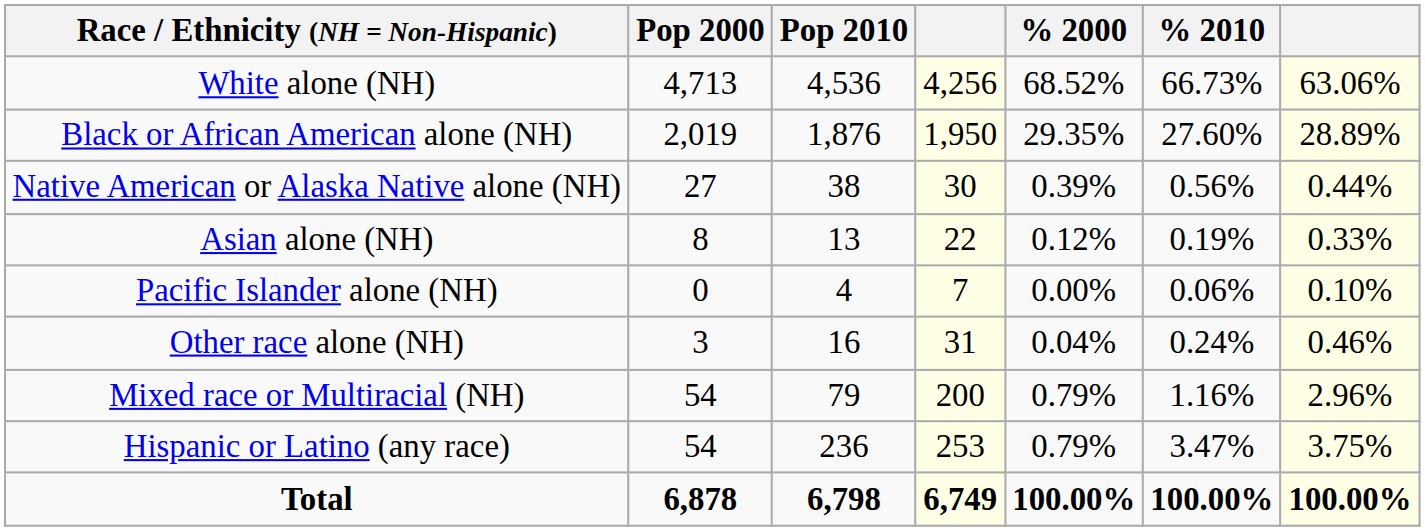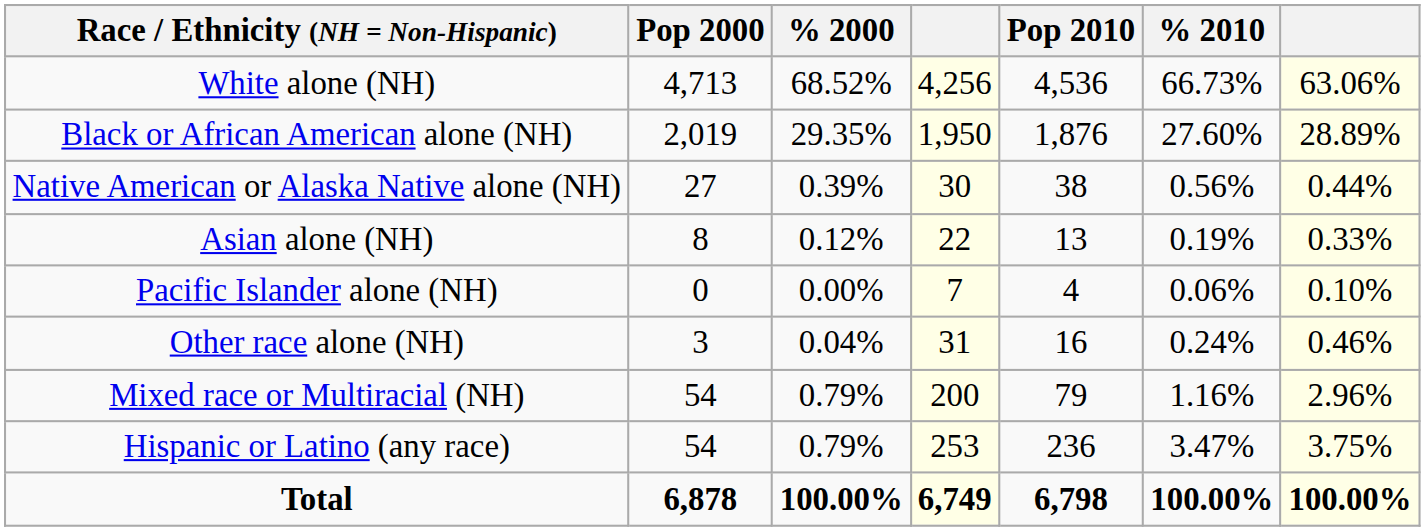 <table class="wikitable" style="text-align:center;">
 <tr>
 <th>Race / Ethnicity <small>(<em>NH = Non-Hispanic</em>)</small></th>
 <th>Pop 2000</th>
+<th>% 2000</th>
+<th></th>
 <th>Pop 2010</th>
-<th></th>
-<th>% 2000</th>
 <th>% 2010</th>
 <th></th>
 </tr>
 <tr>
 <td><a href='#'>White</a> alone (NH)</td>
 <td>4,713</td>
+<td>68.52%</td>
+<td style='background: #ffffe6;'>4,256</td>
 <td>4,536</td>
-<td style='background: #ffffe6;'>4,256</td>
-<td>68.52%</td>
 <td>66.73%</td>
 <td style='background: #ffffe6;'>63.06%</td>
 </tr>
 <tr>
 <td><a href='#'>Black or African American</a> alone (NH)</td>
 <td>2,019</td>
+<td>29.35%</td>
+<td style='background: #ffffe6;'>1,950</td>
 <td>1,876</td>
-<td style='background: #ffffe6;'>1,950</td>
-<td>29.35%</td>
 <td>27.60%</td>
 <td style='background: #ffffe6;'>28.89%</td>
 </tr>
 <tr>
 <td><a href='#'>Native American</a> or <a href='#'>Alaska Native</a> alone (NH)</td>
 <td>27</td>
+<td>0.39%</td>
+<td style='background: #ffffe6;'>30</td>
 <td>38</td>
-<td style='background: #ffffe6;'>30</td>
-<td>0.39%</td>
 <td>0.56%</td>
 <td style='background: #ffffe6;'>0.44%</td>
 </tr>
 <tr>
 <td><a href='#'>Asian</a> alone (NH)</td>
 <td>8</td>
+<td>0.12%</td>
+<td style='background: #ffffe6;'>22</td>
 <td>13</td>
-<td style='background: #ffffe6;'>22</td>
-<td>0.12%</td>
 <td>0.19%</td>
 <td style='background: #ffffe6;'>0.33%</td>
 </tr>
 <tr>
 <td><a href='#'>Pacific Islander</a> alone (NH)</td>
 <td>0</td>
+<td>0.00%</td>
+<td style='background: #ffffe6;'>7</td>
 <td>4</td>
-<td style='background: #ffffe6;'>7</td>
-<td>0.00%</td>
 <td>0.06%</td>
 <td style='background: #ffffe6;'>0.10%</td>
 </tr>
 <tr>
 <td><a href='#'>Other race</a> alone (NH)</td>
 <td>3</td>
+<td>0.04%</td>
+<td style='background: #ffffe6;'>31</td>
 <td>16</td>
-<td style='background: #ffffe6;'>31</td>
-<td>0.04%</td>
 <td>0.24%</td>
 <td style='background: #ffffe6;'>0.46%</td>
 </tr>
 <tr>
 <td><a href='#'>Mixed race or Multiracial</a> (NH)</td>
 <td>54</td>
+<td>0.79%</td>
+<td style='background: #ffffe6;'>200</td>
 <td>79</td>
-<td style='background: #ffffe6;'>200</td>
-<td>0.79%</td>
 <td>1.16%</td>
 <td style='background: #ffffe6;'>2.96%</td>
 </tr>
 <tr>
 <td><a href='#'>Hispanic or Latino</a> (any race)</td>
 <td>54</td>
+<td>0.79%</td>
+<td style='background: #ffffe6;'>253</td>
 <td>236</td>
-<td style='background: #ffffe6;'>253</td>
-<td>0.79%</td>
 <td>3.47%</td>
 <td style='background: #ffffe6;'>3.75%</td>
 </tr>
 <tr>
 <td><strong>Total</strong></td>
 <td><strong>6,878</strong></td>
+<td><strong>100.00%</strong></td>
+<td style='background: #ffffe6;'><strong>6,749</strong></td>
 <td><strong>6,798</strong></td>
-<td style='background: #ffffe6;'><strong>6,749</strong></td>
-<td><strong>100.00%</strong></td>
 <td><strong>100.00%</strong></td>
 <td style='background: #ffffe6;'><strong>100.00%</strong></td>
 </tr>
 </table>
